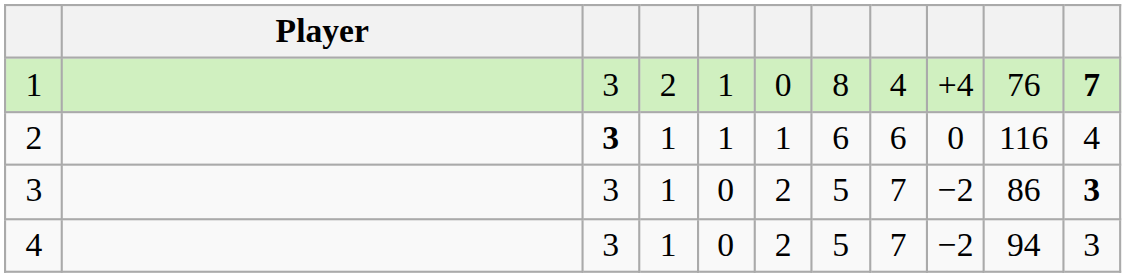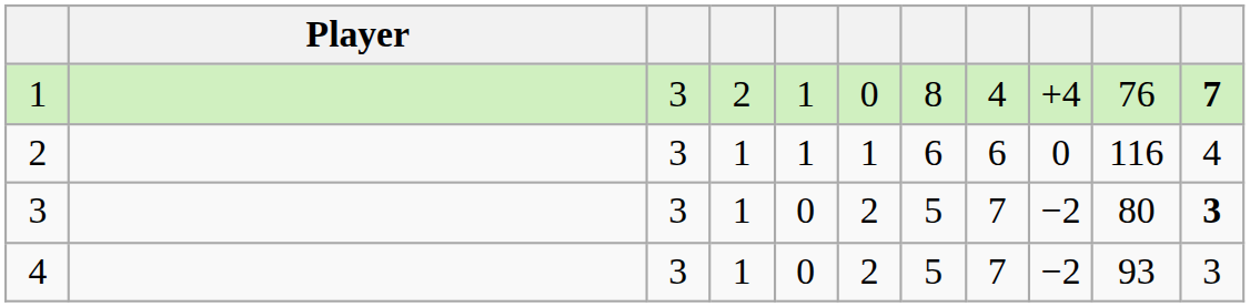 <table class="wikitable" style="text-align:center; margin: 1em auto 1em auto, align:left">
 <tr>
 <th width=20></th>
 <th width=240>Player</th>
 <th width=20></th>
 <th width=20></th>
 <th width=20></th>
 <th width=20></th>
 <th width=20></th>
 <th width=20></th>
 <th width=20></th>
 <th width=30></th>
 <th width=20></th>
 </tr>
 <tr style="background:#D0F0C0;">
 <td>1</td>
 <td align=left></td>
 <td>3</td>
 <td>2</td>
 <td>1</td>
 <td>0</td>
 <td>8</td>
 <td>4</td>
 <td>+4</td>
 <td>76</td>
 <td><strong>7</strong></td>
 </tr>
 <tr style=>
 <td>2</td>
 <td align=left></td>
-<td><strong>3</strong></td>
+<td>3</td>
 <td>1</td>
 <td>1</td>
 <td>1</td>
 <td>6</td>
 <td>6</td>
 <td>0</td>
 <td>116</td>
 <td>4</td>
 </tr>
 <tr style=>
 <td>3</td>
 <td align=left></td>
 <td>3</td>
 <td>1</td>
 <td>0</td>
 <td>2</td>
 <td>5</td>
 <td>7</td>
 <td>−2</td>
-<td>86</td>
+<td>80</td>
 <td><strong>3</strong></td>
 </tr>
 <tr style=>
 <td>4</td>
 <td align=left></td>
 <td>3</td>
 <td>1</td>
 <td>0</td>
 <td>2</td>
 <td>5</td>
 <td>7</td>
 <td>−2</td>
-<td>94</td>
+<td>93</td>
 <td>3</td>
 </tr>
 </table>
